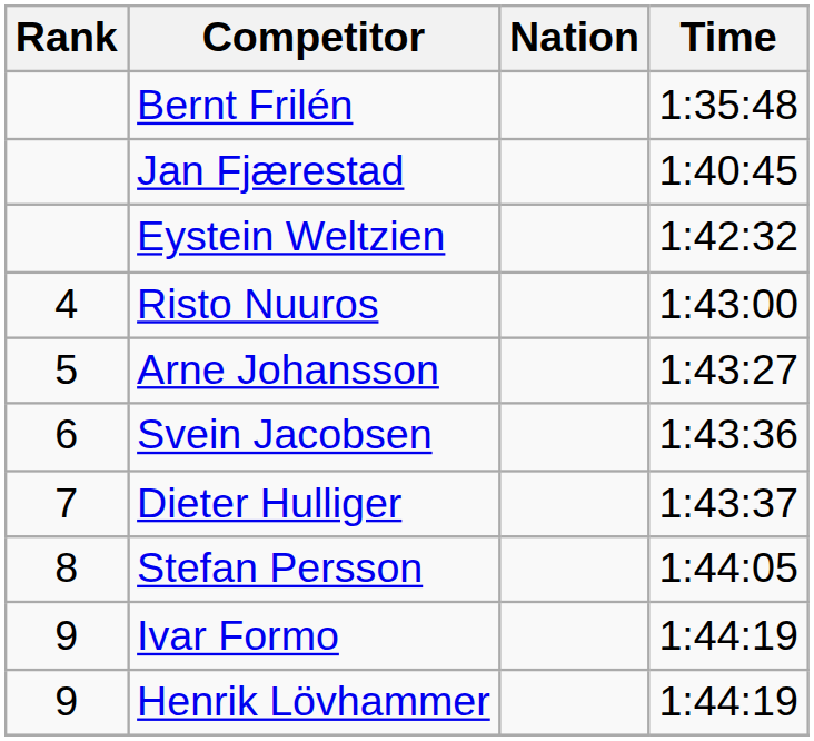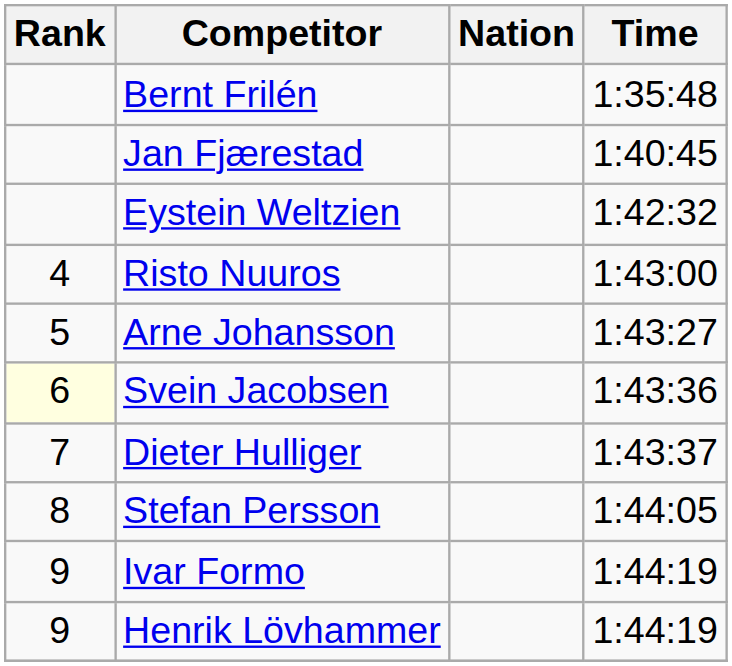 <table class="wikitable sortable" style="text-align:left">
 <tr>
 <th data-sort-type="number">Rank</th>
 <th class="unsortable">Competitor</th>
 <th>Nation</th>
 <th>Time</th>
 </tr>
 <tr>
 <td style="text-align:center"></td>
 <td><a href='#'>Bernt Frilén</a></td>
 <td></td>
 <td style="text-align:right">1:35:48</td>
 </tr>
 <tr>
 <td style="text-align:center"></td>
 <td><a href='#'>Jan Fjærestad</a></td>
 <td></td>
 <td style="text-align:right">1:40:45</td>
 </tr>
 <tr>
 <td style="text-align:center"></td>
 <td><a href='#'>Eystein Weltzien</a></td>
 <td></td>
 <td style="text-align:right">1:42:32</td>
 </tr>
 <tr>
 <td style="text-align:center">4</td>
 <td><a href='#'>Risto Nuuros</a></td>
 <td></td>
 <td style="text-align:right">1:43:00</td>
 </tr>
 <tr>
 <td style="text-align:center">5</td>
 <td><a href='#'>Arne Johansson</a></td>
 <td></td>
 <td style="text-align:center">1:43:27</td>
 </tr>
 <tr>
-<td style="text-align:center">6</td>
+<td style="background: lightyellow; text-align:center">6</td>
 <td><a href='#'>Svein Jacobsen</a></td>
 <td></td>
 <td style="text-align:right">1:43:36</td>
 </tr>
 <tr>
 <td style="text-align:center">7</td>
 <td><a href='#'>Dieter Hulliger</a></td>
 <td></td>
 <td style="text-align:right">1:43:37</td>
 </tr>
 <tr>
 <td style="text-align:center">8</td>
 <td><a href='#'>Stefan Persson</a></td>
 <td></td>
 <td style="text-align:right">1:44:05</td>
 </tr>
 <tr>
 <td style="text-align:center">9</td>
 <td><a href='#'>Ivar Formo</a></td>
 <td></td>
 <td style="text-align:right">1:44:19</td>
 </tr>
 <tr>
 <td style="text-align:center">9</td>
 <td><a href='#'>Henrik Lövhammer</a></td>
 <td></td>
 <td style="text-align:right">1:44:19</td>
 </tr>
 <tr>
 </tr>
 </table>
